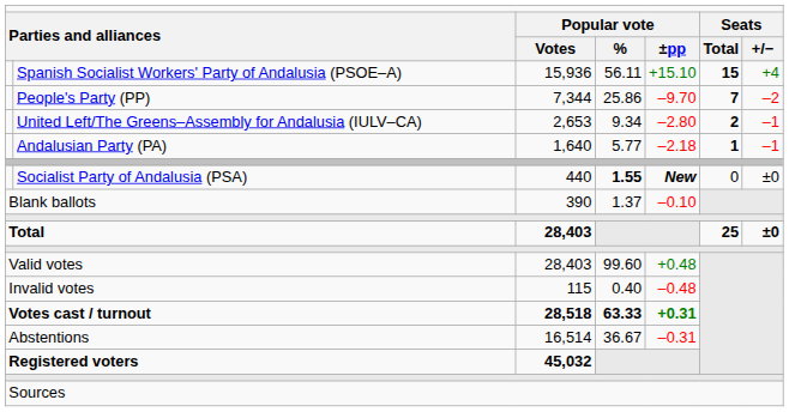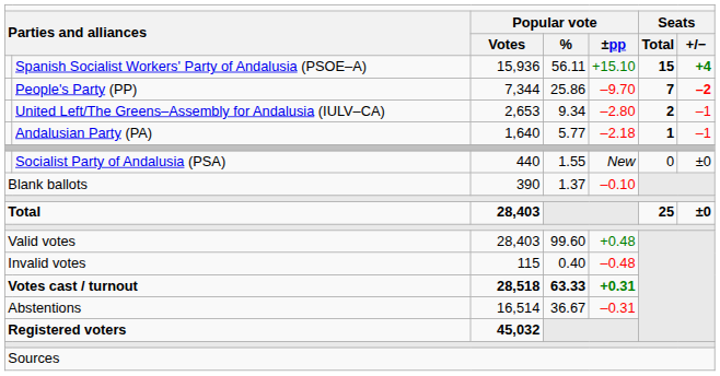 <table class="wikitable" style="text-align:right;">
 <tr>
 <td colspan="7"></td>
 </tr>
 <tr>
 <th style="text-align:left;" rowspan="2" colspan="2" width="525">Parties and alliances</th>
 <th colspan="3">Popular vote</th>
 <th colspan="2">Seats</th>
 </tr>
 <tr>
 <th width="75">Votes</th>
 <th width="45">%</th>
 <th width="45">±<a href='#'>pp</a></th>
 <th width="35">Total</th>
 <th width="35">+/−</th>
 </tr>
 <tr>
 <td width="1" style="color:inherit;background:"></td>
 <td align="left"><a href='#'>Spanish Socialist Workers' Party of Andalusia</a> (PSOE–A)</td>
 <td>15,936</td>
 <td>56.11</td>
 <td style="color:green;">+15.10</td>
 <td><strong>15</strong></td>
-<td style="color:green;">+4</td>
+<td style="color:green;"><strong>+4</strong></td>
 </tr>
 <tr>
 <td style="color:inherit;background:"></td>
 <td align="left"><a href='#'>People's Party</a> (PP)</td>
 <td>7,344</td>
 <td>25.86</td>
 <td style="color:red;">–9.70</td>
 <td><strong>7</strong></td>
-<td style="color:red;">–2</td>
+<td style="color:red;"><strong>–2</strong></td>
 </tr>
 <tr>
 <td style="color:inherit;background:"></td>
 <td align="left"><a href='#'>United Left/The Greens–Assembly for Andalusia</a> (IULV–CA)</td>
 <td>2,653</td>
 <td>9.34</td>
 <td style="color:red;">–2.80</td>
 <td><strong>2</strong></td>
 <td style="color:red;">–1</td>
 </tr>
 <tr>
 <td style="color:inherit;background:"></td>
 <td align="left"><a href='#'>Andalusian Party</a> (PA)</td>
 <td>1,640</td>
 <td>5.77</td>
 <td style="color:red;">–2.18</td>
 <td><strong>1</strong></td>
 <td style="color:red;">–1</td>
 </tr>
 <tr>
 <td colspan="7" bgcolor="#C0C0C0"></td>
 </tr>
 <tr>
 <td style="color:inherit;background:"></td>
 <td align="left"><a href='#'>Socialist Party of Andalusia</a> (PSA)</td>
 <td>440</td>
-<td><strong>1.55</strong></td>
-<td><strong><em>New</em></strong></td>
+<td>1.55</td>
+<td><em>New</em></td>
 <td>0</td>
 <td>±0</td>
 </tr>
 <tr>
 <td align="left" colspan="2">Blank ballots</td>
 <td>390</td>
 <td>1.37</td>
 <td style="color:red;">–0.10</td>
 <td bgcolor="#E9E9E9" colspan="2"></td>
 </tr>
 <tr>
 <td colspan="7" bgcolor="#E9E9E9"></td>
 </tr>
 <tr style="font-weight:bold;">
 <td align="left" colspan="2">Total</td>
 <td>28,403</td>
 <td bgcolor="#E9E9E9" colspan="2"></td>
 <td>25</td>
 <td>±0</td>
 </tr>
 <tr>
 <td colspan="7" bgcolor="#E9E9E9"></td>
 </tr>
 <tr>
 <td align="left" colspan="2">Valid votes</td>
 <td>28,403</td>
 <td>99.60</td>
 <td style="color:green;">+0.48</td>
 <td bgcolor="#E9E9E9" colspan="2" rowspan="5"></td>
 </tr>
 <tr>
 <td align="left" colspan="2">Invalid votes</td>
 <td>115</td>
 <td>0.40</td>
 <td style="color:red;">–0.48</td>
 </tr>
 <tr style="font-weight:bold;">
 <td align="left" colspan="2">Votes cast / turnout</td>
 <td>28,518</td>
 <td>63.33</td>
 <td style="color:green;">+0.31</td>
 </tr>
 <tr>
 <td align="left" colspan="2">Abstentions</td>
 <td>16,514</td>
 <td>36.67</td>
 <td style="color:red;">–0.31</td>
 </tr>
 <tr style="font-weight:bold;">
 <td align="left" colspan="2">Registered voters</td>
 <td>45,032</td>
 <td bgcolor="#E9E9E9" colspan="2"></td>
 </tr>
 <tr>
 <td colspan="7" bgcolor="#E9E9E9"></td>
 </tr>
 <tr>
 <td align="left" colspan="7">Sources</td>
 </tr>
 </table>
